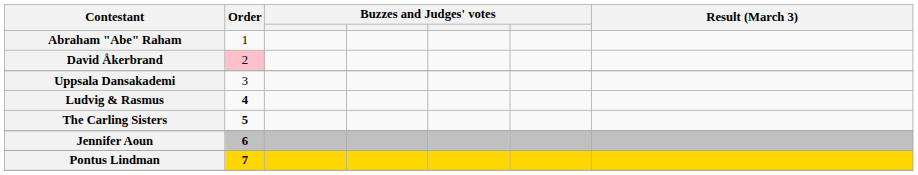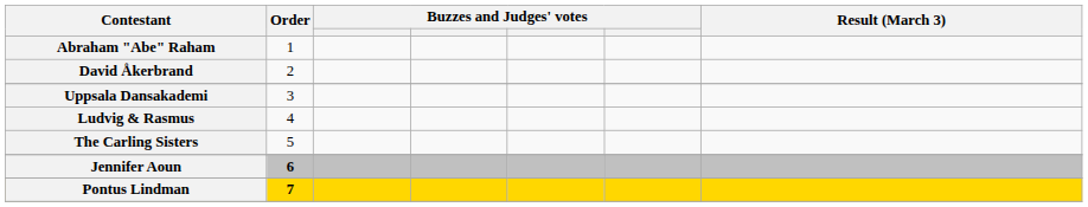 <table class="wikitable plainrowheaders sortable" style="text-align:center;">
 <tr>
 <th scope="col" rowspan="2" class="unsortable" style="width:17em;">Contestant</th>
 <th scope="col" rowspan="2" style="width:1em;">Order</th>
 <th scope="col" colspan="4" class="unsortable" style="width:24em;">Buzzes and Judges' votes</th>
 <th scope="col" rowspan="2" style="width:25em;">Result (March 3)</th>
 </tr>
 <tr>
 <th scope="col" class="unsortable" style="width:6em;"></th>
 <th scope="col" class="unsortable" style="width:6em;"></th>
 <th scope="col" class="unsortable" style="width:6em;"></th>
 <th scope="col" class="unsortable" style="width:6em;"></th>
 </tr>
 <tr>
 <th scope="row">Abraham "Abe" Raham</th>
 <td>1</td>
 <td></td>
 <td></td>
 <td></td>
 <td></td>
 <td></td>
 </tr>
 <tr>
 <th scope="row">David Åkerbrand</th>
-<td style="background: pink;">2</td>
+<td>2</td>
 <td></td>
 <td></td>
 <td></td>
 <td></td>
 <td></td>
 </tr>
 <tr>
 </tr>
 <tr -style="background:#c96">
 <th scope="row">Uppsala Dansakademi</th>
 <td>3</td>
 <td></td>
 <td></td>
 <td></td>
 <td></td>
 <td></td>
 </tr>
 <tr>
 <th scope="row">Ludvig & Rasmus</th>
-<td><strong>4</strong></td>
+<td>4</td>
 <td></td>
 <td></td>
 <td></td>
 <td></td>
 <td></td>
 </tr>
 <tr>
 <th scope="row">The Carling Sisters</th>
-<td><strong>5</strong></td>
+<td>5</td>
 <td></td>
 <td></td>
 <td></td>
 <td></td>
 <td></td>
 </tr>
 <tr>
 </tr>
 <tr style="background:silver">
 <th scope="row"><strong>Jennifer Aoun</strong></th>
 <td><strong>6</strong></td>
 <td style="text-align:center;"></td>
 <td style="text-align:center;"></td>
 <td style="text-align:center;"></td>
 <td style="text-align:center;"></td>
 <td></td>
 </tr>
 <tr>
 </tr>
 <tr style="background:gold">
 <th scope="row"><strong>Pontus Lindman</strong></th>
 <td><strong>7</strong></td>
 <td></td>
 <td></td>
 <td></td>
 <td></td>
 <td></td>
 </tr>
 <tr>
 </tr>
 </table>
